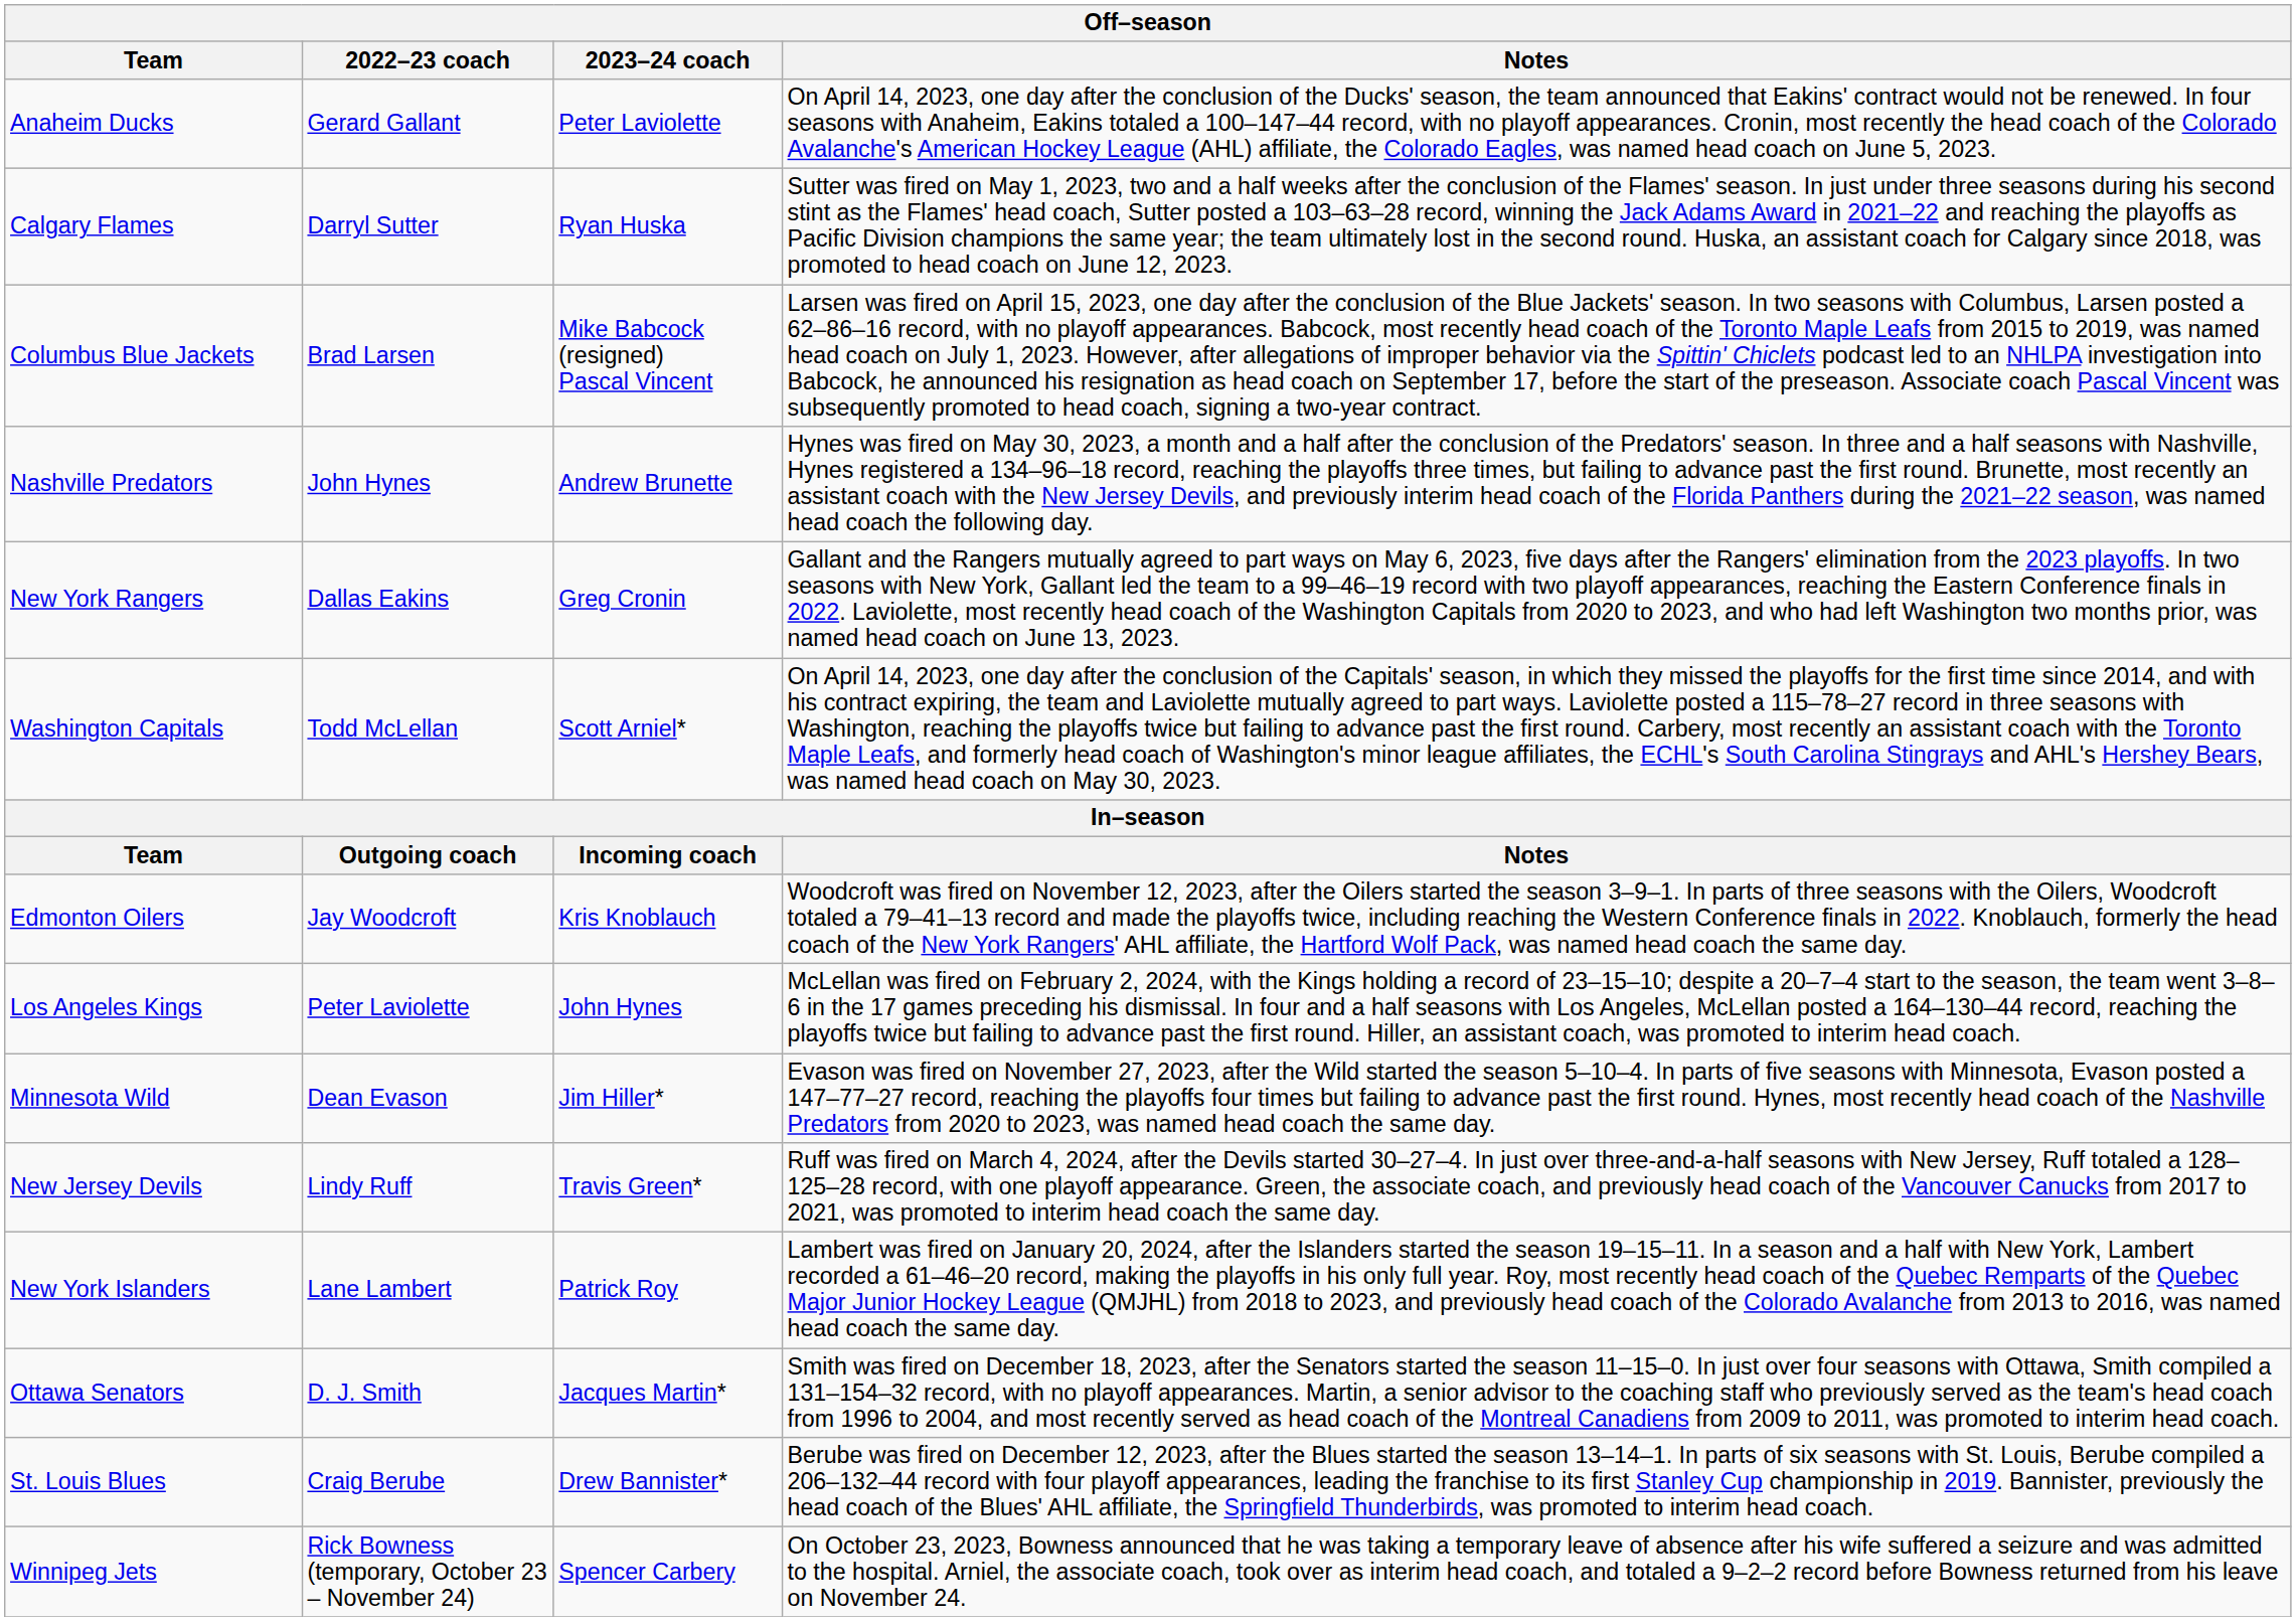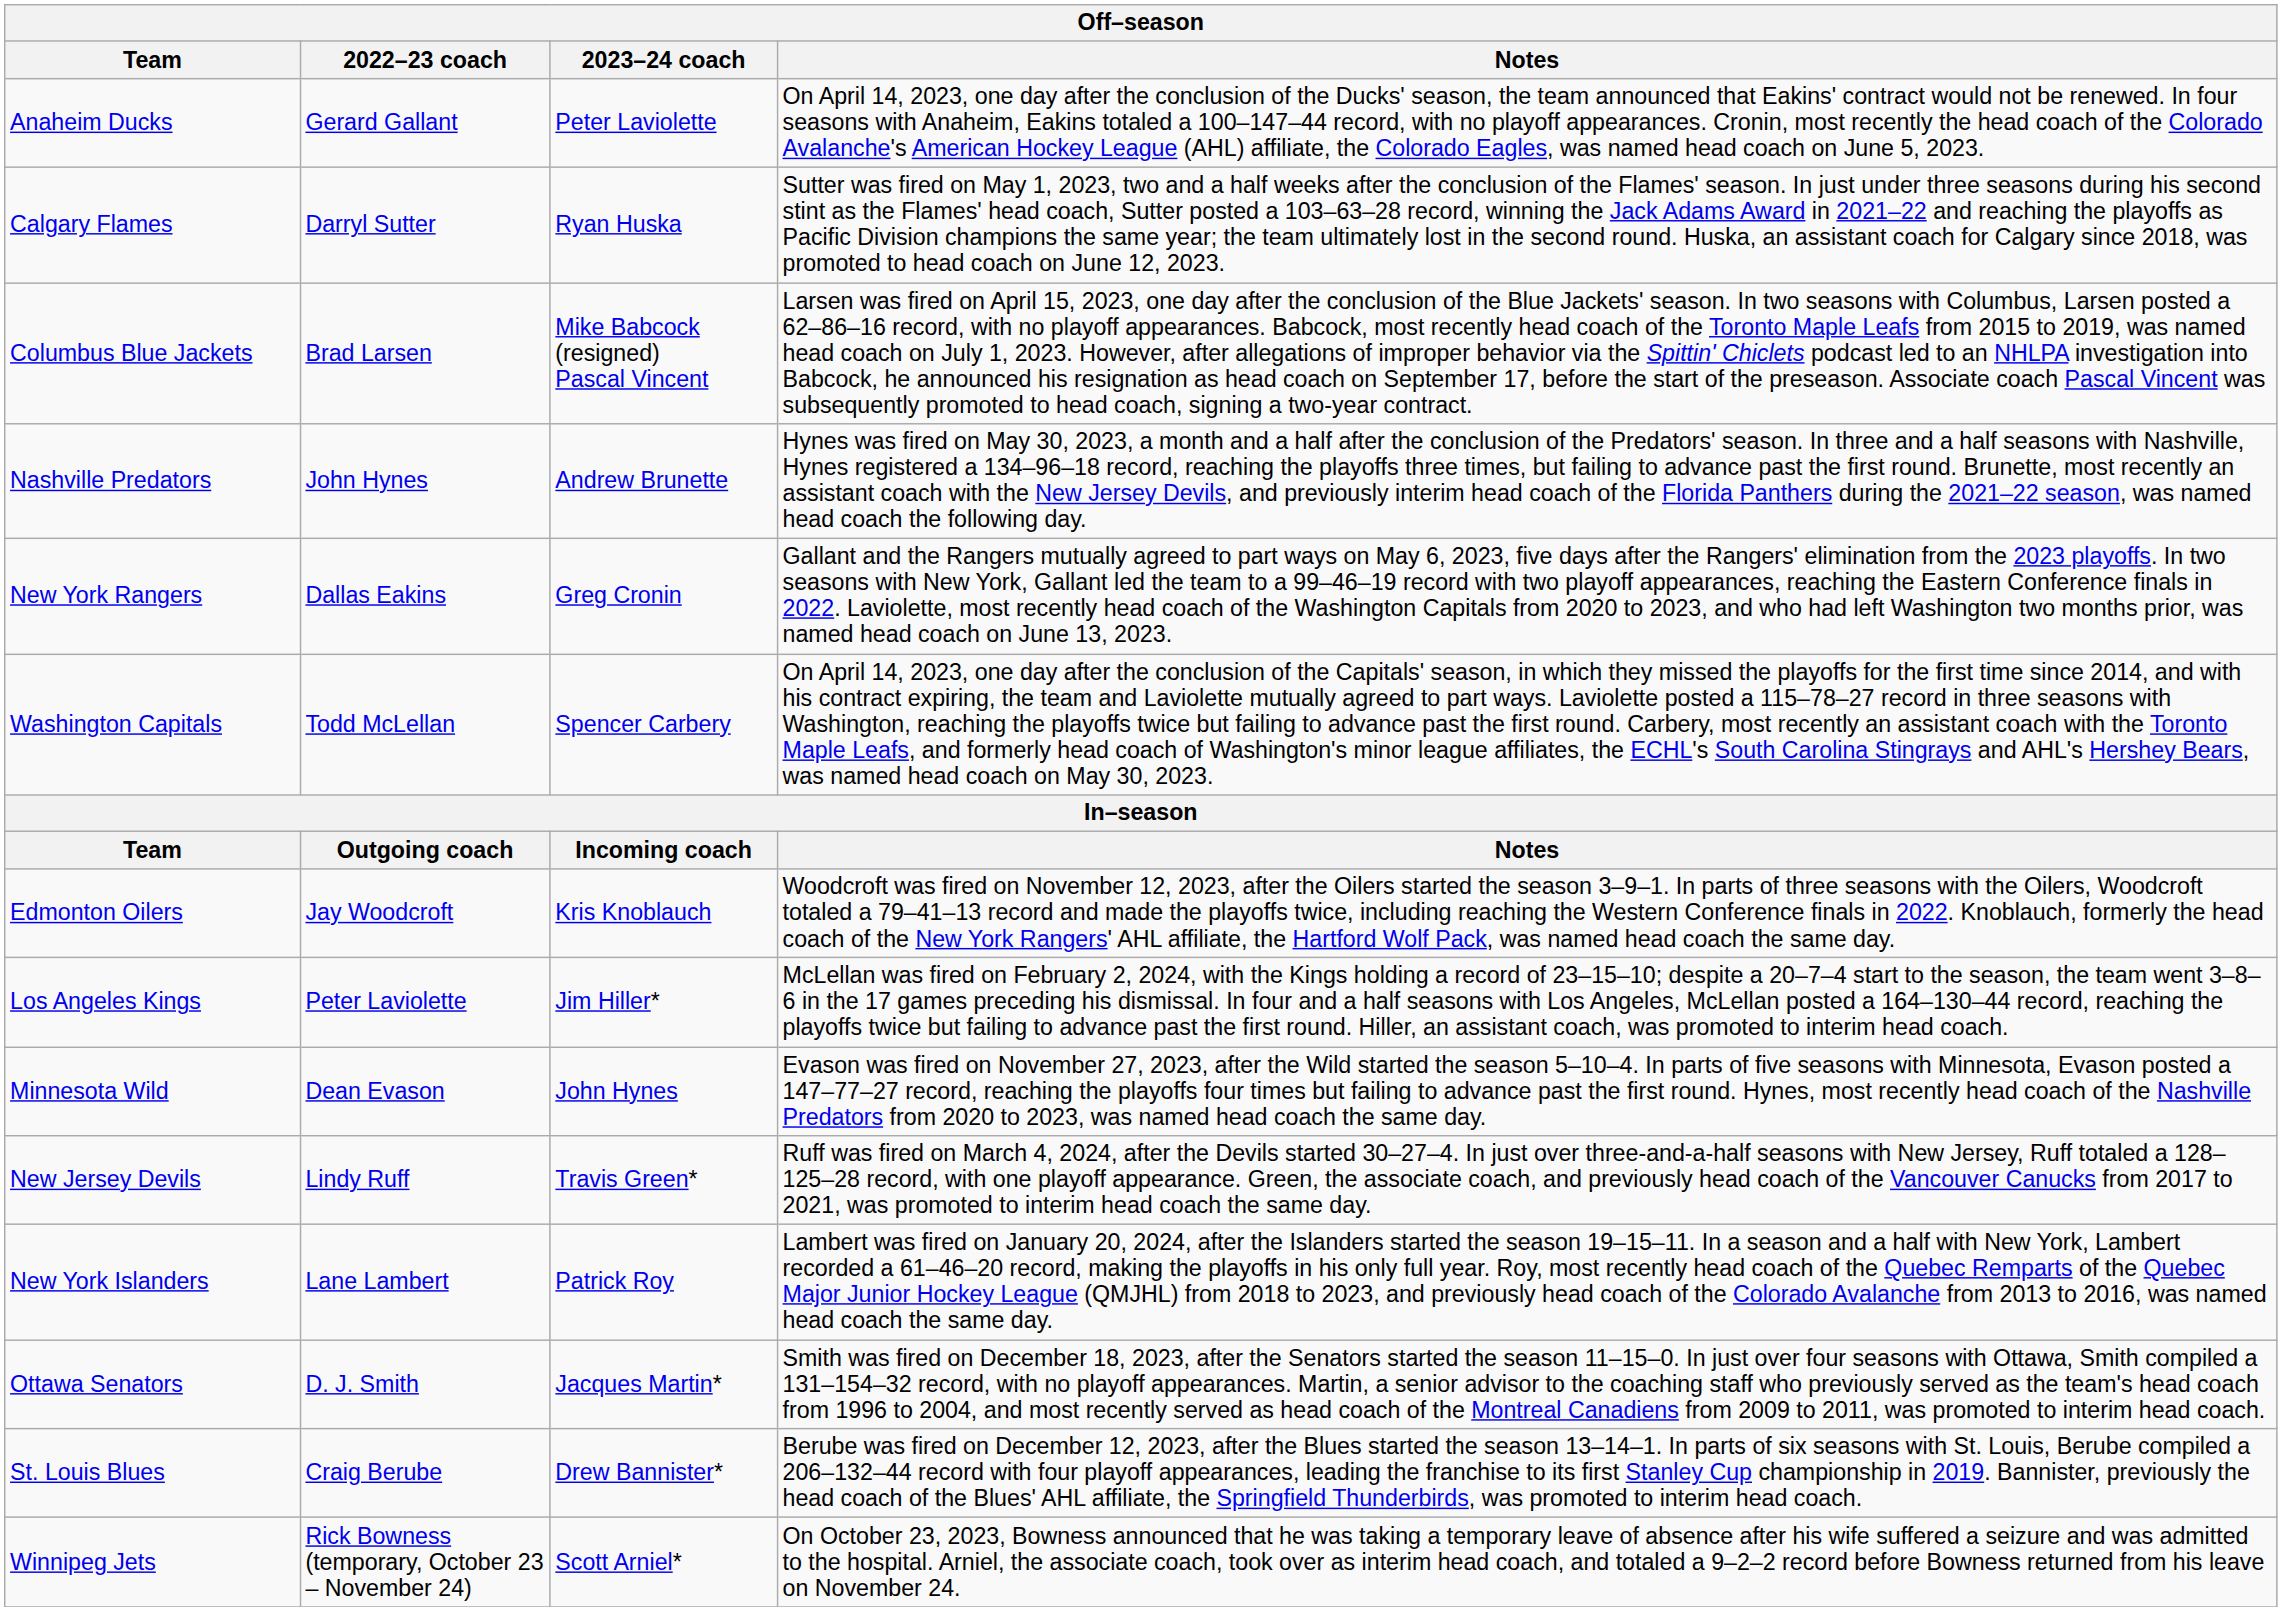 <table class="wikitable">
 <tr>
 <th colspan="4">Off–season</th>
 </tr>
 <tr>
 <th style="width:13%;">Team</th>
 <th style="width:11%;">2022–23 coach</th>
 <th style="width:10%;">2023–24 coach</th>
 <th>Notes</th>
 </tr>
 <tr>
 <td><a href='#'>Anaheim Ducks</a></td>
 <td><a href='#'>Gerard Gallant</a></td>
 <td><a href='#'>Peter Laviolette</a></td>
 <td>On April 14, 2023, one day after the conclusion of the Ducks' season, the team announced that Eakins' contract would not be renewed. In four seasons with Anaheim, Eakins totaled a 100–147–44 record, with no playoff appearances. Cronin, most recently the head coach of the <a href='#'>Colorado Avalanche</a>'s <a href='#'>American Hockey League</a> (AHL) affiliate, the <a href='#'>Colorado Eagles</a>, was named head coach on June 5, 2023.</td>
 </tr>
 <tr>
 <td><a href='#'>Calgary Flames</a></td>
 <td><a href='#'>Darryl Sutter</a></td>
 <td><a href='#'>Ryan Huska</a></td>
 <td>Sutter was fired on May 1, 2023, two and a half weeks after the conclusion of the Flames' season. In just under three seasons during his second stint as the Flames' head coach, Sutter posted a 103–63–28 record, winning the <a href='#'>Jack Adams Award</a> in <a href='#'>2021–22</a> and reaching the playoffs as Pacific Division champions the same year; the team ultimately lost in the second round. Huska, an assistant coach for Calgary since 2018, was promoted to head coach on June 12, 2023.</td>
 </tr>
 <tr>
 <td><a href='#'>Columbus Blue Jackets</a></td>
 <td><a href='#'>Brad Larsen</a></td>
 <td><a href='#'>Mike Babcock</a> (resigned)<br><a href='#'>Pascal Vincent</a></td>
 <td>Larsen was fired on April 15, 2023, one day after the conclusion of the Blue Jackets' season. In two seasons with Columbus, Larsen posted a 62–86–16 record, with no playoff appearances. Babcock, most recently head coach of the <a href='#'>Toronto Maple Leafs</a> from 2015 to 2019, was named head coach on July 1, 2023. However, after allegations of improper behavior via the <em><a href='#'>Spittin' Chiclets</a></em> podcast led to an <a href='#'>NHLPA</a> investigation into Babcock, he announced his resignation as head coach on September 17, before the start of the preseason. Associate coach <a href='#'>Pascal Vincent</a> was subsequently promoted to head coach, signing a two-year contract.</td>
 </tr>
 <tr>
 <td><a href='#'>Nashville Predators</a></td>
 <td><a href='#'>John Hynes</a></td>
 <td><a href='#'>Andrew Brunette</a></td>
 <td>Hynes was fired on May 30, 2023, a month and a half after the conclusion of the Predators' season. In three and a half seasons with Nashville, Hynes registered a 134–96–18 record, reaching the playoffs three times, but failing to advance past the first round. Brunette, most recently an assistant coach with the <a href='#'>New Jersey Devils</a>, and previously interim head coach of the <a href='#'>Florida Panthers</a> during the <a href='#'>2021–22 season</a>, was named head coach the following day.</td>
 </tr>
 <tr>
 <td><a href='#'>New York Rangers</a></td>
 <td><a href='#'>Dallas Eakins</a></td>
 <td><a href='#'>Greg Cronin</a></td>
 <td>Gallant and the Rangers mutually agreed to part ways on May 6, 2023, five days after the Rangers' elimination from the <a href='#'>2023 playoffs</a>. In two seasons with New York, Gallant led the team to a 99–46–19 record with two playoff appearances, reaching the Eastern Conference finals in <a href='#'>2022</a>. Laviolette, most recently head coach of the Washington Capitals from 2020 to 2023, and who had left Washington two months prior, was named head coach on June 13, 2023.</td>
 </tr>
 <tr>
 <td><a href='#'>Washington Capitals</a></td>
 <td><a href='#'>Todd McLellan</a></td>
-<td><a href='#'>Scott Arniel</a>*</td>
+<td><a href='#'>Spencer Carbery</a></td>
 <td>On April 14, 2023, one day after the conclusion of the Capitals' season, in which they missed the playoffs for the first time since 2014, and with his contract expiring, the team and Laviolette mutually agreed to part ways. Laviolette posted a 115–78–27 record in three seasons with Washington, reaching the playoffs twice but failing to advance past the first round. Carbery, most recently an assistant coach with the <a href='#'>Toronto Maple Leafs</a>, and formerly head coach of Washington's minor league affiliates, the <a href='#'>ECHL</a>'s <a href='#'>South Carolina Stingrays</a> and AHL's <a href='#'>Hershey Bears</a>, was named head coach on May 30, 2023.</td>
 </tr>
 <tr>
 <th colspan="4">In–season</th>
 </tr>
 <tr>
 <th style="width":13%;>Team</th>
 <th style="width":11%;>Outgoing coach</th>
 <th style="width":10%;>Incoming coach</th>
 <th>Notes</th>
 </tr>
 <tr>
 <td><a href='#'>Edmonton Oilers</a></td>
 <td><a href='#'>Jay Woodcroft</a></td>
 <td><a href='#'>Kris Knoblauch</a></td>
 <td>Woodcroft was fired on November 12, 2023, after the Oilers started the season 3–9–1. In parts of three seasons with the Oilers, Woodcroft totaled a 79–41–13 record and made the playoffs twice, including reaching the Western Conference finals in <a href='#'>2022</a>. Knoblauch, formerly the head coach of the <a href='#'>New York Rangers</a>' AHL affiliate, the <a href='#'>Hartford Wolf Pack</a>, was named head coach the same day.</td>
 </tr>
 <tr>
 <td><a href='#'>Los Angeles Kings</a></td>
 <td><a href='#'>Peter Laviolette</a></td>
-<td><a href='#'>John Hynes</a></td>
+<td><a href='#'>Jim Hiller</a>*</td>
 <td>McLellan was fired on February 2, 2024, with the Kings holding a record of 23–15–10; despite a 20–7–4 start to the season, the team went 3–8–6 in the 17 games preceding his dismissal. In four and a half seasons with Los Angeles, McLellan posted a 164–130–44 record, reaching the playoffs twice but failing to advance past the first round. Hiller, an assistant coach, was promoted to interim head coach.</td>
 </tr>
 <tr>
 <td><a href='#'>Minnesota Wild</a></td>
 <td><a href='#'>Dean Evason</a></td>
-<td><a href='#'>Jim Hiller</a>*</td>
+<td><a href='#'>John Hynes</a></td>
 <td>Evason was fired on November 27, 2023, after the Wild started the season 5–10–4. In parts of five seasons with Minnesota, Evason posted a 147–77–27 record, reaching the playoffs four times but failing to advance past the first round. Hynes, most recently head coach of the <a href='#'>Nashville Predators</a> from 2020 to 2023, was named head coach the same day.</td>
 </tr>
 <tr>
 <td><a href='#'>New Jersey Devils</a></td>
 <td><a href='#'>Lindy Ruff</a></td>
 <td><a href='#'>Travis Green</a>*</td>
 <td>Ruff was fired on March 4, 2024, after the Devils started 30–27–4. In just over three-and-a-half seasons with New Jersey, Ruff totaled a 128–125–28 record, with one playoff appearance. Green, the associate coach, and previously head coach of the <a href='#'>Vancouver Canucks</a> from 2017 to 2021, was promoted to interim head coach the same day.</td>
 </tr>
 <tr>
 <td><a href='#'>New York Islanders</a></td>
 <td><a href='#'>Lane Lambert</a></td>
 <td><a href='#'>Patrick Roy</a></td>
 <td>Lambert was fired on January 20, 2024, after the Islanders started the season 19–15–11. In a season and a half with New York, Lambert recorded a 61–46–20 record, making the playoffs in his only full year. Roy, most recently head coach of the <a href='#'>Quebec Remparts</a> of the <a href='#'>Quebec Major Junior Hockey League</a> (QMJHL) from 2018 to 2023, and previously head coach of the <a href='#'>Colorado Avalanche</a> from 2013 to 2016, was named head coach the same day.</td>
 </tr>
 <tr>
 <td><a href='#'>Ottawa Senators</a></td>
 <td><a href='#'>D. J. Smith</a></td>
 <td><a href='#'>Jacques Martin</a>*</td>
 <td>Smith was fired on December 18, 2023, after the Senators started the season 11–15–0. In just over four seasons with Ottawa, Smith compiled a 131–154–32 record, with no playoff appearances. Martin, a senior advisor to the coaching staff who previously served as the team's head coach from 1996 to 2004, and most recently served as head coach of the <a href='#'>Montreal Canadiens</a> from 2009 to 2011, was promoted to interim head coach.</td>
 </tr>
 <tr>
 <td><a href='#'>St. Louis Blues</a></td>
 <td><a href='#'>Craig Berube</a></td>
 <td><a href='#'>Drew Bannister</a>*</td>
 <td>Berube was fired on December 12, 2023, after the Blues started the season 13–14–1. In parts of six seasons with St. Louis, Berube compiled a 206–132–44 record with four playoff appearances, leading the franchise to its first <a href='#'>Stanley Cup</a> championship in <a href='#'>2019</a>. Bannister, previously the head coach of the Blues' AHL affiliate, the <a href='#'>Springfield Thunderbirds</a>, was promoted to interim head coach.</td>
 </tr>
 <tr>
 <td><a href='#'>Winnipeg Jets</a></td>
 <td><a href='#'>Rick Bowness</a><br>(temporary, October 23 – November 24)</td>
-<td><a href='#'>Spencer Carbery</a></td>
+<td><a href='#'>Scott Arniel</a>*</td>
 <td>On October 23, 2023, Bowness announced that he was taking a temporary leave of absence after his wife suffered a seizure and was admitted to the hospital. Arniel, the associate coach, took over as interim head coach, and totaled a 9–2–2 record before Bowness returned from his leave on November 24.</td>
 </tr>
 </table>
